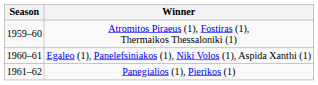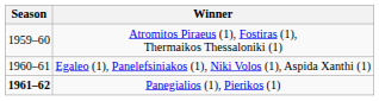 <table class="wikitable" style="text-align:center;">
 <tr>
 <th>Season</th>
 <th>Winner</th>
 </tr>
 <tr>
 <td style="text-align:center;">1959–60</td>
 <td><a href='#'>Atromitos Piraeus</a> (1), <a href='#'>Fostiras</a> (1), <br> Thermaikos Thessaloniki (1)</td>
 </tr>
 <tr>
 <td style="text-align:center;">1960–61</td>
 <td><a href='#'>Egaleo</a> (1), <a href='#'>Panelefsiniakos</a> (1), <a href='#'>Niki Volos</a> (1), Aspida Xanthi (1)</td>
 </tr>
 <tr>
-<td style="text-align:center;">1961–62</td>
+<td style="text-align:center;"><strong>1961–62</strong></td>
 <td><a href='#'>Panegialios</a> (1), <a href='#'>Pierikos</a> (1)</td>
 </tr>
 </table>
